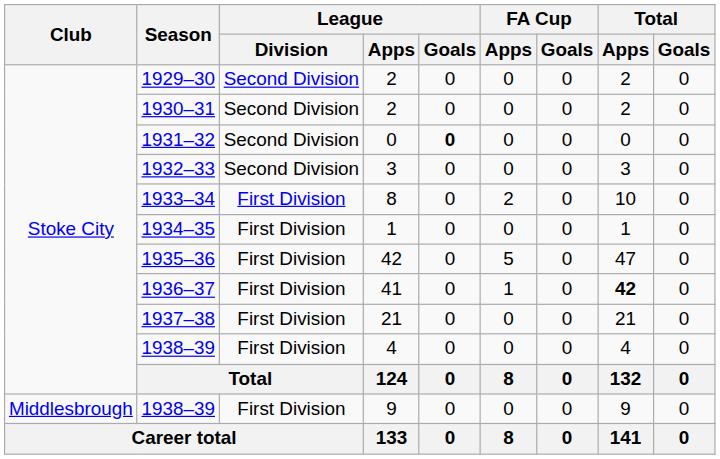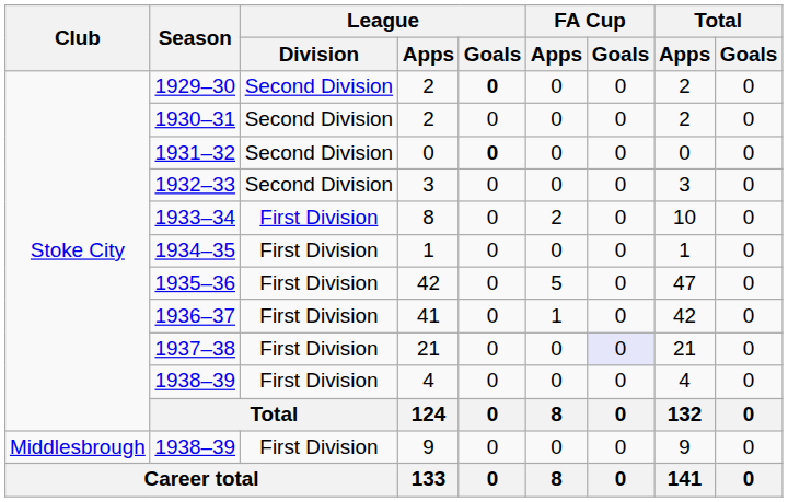 <table class="wikitable" style="text-align: center;">
 <tr>
 <th rowspan="2">Club</th>
 <th rowspan="2">Season</th>
 <th colspan="3">League</th>
 <th colspan="2">FA Cup</th>
 <th colspan="2">Total</th>
 </tr>
 <tr>
 <th>Division</th>
 <th>Apps</th>
 <th>Goals</th>
 <th>Apps</th>
 <th>Goals</th>
 <th>Apps</th>
 <th>Goals</th>
 </tr>
 <tr>
 <td rowspan="11"><a href='#'>Stoke City</a></td>
 <td><a href='#'>1929–30</a></td>
 <td><a href='#'>Second Division</a></td>
 <td>2</td>
-<td>0</td>
+<td><strong>0</strong></td>
 <td>0</td>
 <td>0</td>
 <td>2</td>
 <td>0</td>
 </tr>
 <tr>
 <td><a href='#'>1930–31</a></td>
 <td>Second Division</td>
 <td>2</td>
 <td>0</td>
 <td>0</td>
 <td>0</td>
 <td>2</td>
 <td>0</td>
 </tr>
 <tr>
 <td><a href='#'>1931–32</a></td>
 <td>Second Division</td>
 <td>0</td>
 <td><strong>0</strong></td>
 <td>0</td>
 <td>0</td>
 <td>0</td>
 <td>0</td>
 </tr>
 <tr>
 <td><a href='#'>1932–33</a></td>
 <td>Second Division</td>
 <td>3</td>
 <td>0</td>
 <td>0</td>
 <td>0</td>
 <td>3</td>
 <td>0</td>
 </tr>
 <tr>
 <td><a href='#'>1933–34</a></td>
 <td><a href='#'>First Division</a></td>
 <td>8</td>
 <td>0</td>
 <td>2</td>
 <td>0</td>
 <td>10</td>
 <td>0</td>
 </tr>
 <tr>
 <td><a href='#'>1934–35</a></td>
 <td>First Division</td>
 <td>1</td>
 <td>0</td>
 <td>0</td>
 <td>0</td>
 <td>1</td>
 <td>0</td>
 </tr>
 <tr>
 <td><a href='#'>1935–36</a></td>
 <td>First Division</td>
 <td>42</td>
 <td>0</td>
 <td>5</td>
 <td>0</td>
 <td>47</td>
 <td>0</td>
 </tr>
 <tr>
 <td><a href='#'>1936–37</a></td>
 <td>First Division</td>
 <td>41</td>
 <td>0</td>
 <td>1</td>
 <td>0</td>
-<td><strong>42</strong></td>
+<td>42</td>
 <td>0</td>
 </tr>
 <tr>
 <td><a href='#'>1937–38</a></td>
 <td>First Division</td>
 <td>21</td>
 <td>0</td>
 <td>0</td>
-<td>0</td>
+<td style="background: lavender;">0</td>
 <td>21</td>
 <td>0</td>
 </tr>
 <tr>
 <td><a href='#'>1938–39</a></td>
 <td>First Division</td>
 <td>4</td>
 <td>0</td>
 <td>0</td>
 <td>0</td>
 <td>4</td>
 <td>0</td>
 </tr>
 <tr>
 <th colspan=2>Total</th>
 <th>124</th>
 <th>0</th>
 <th>8</th>
 <th>0</th>
 <th>132</th>
 <th>0</th>
 </tr>
 <tr>
 <td><a href='#'>Middlesbrough</a></td>
 <td><a href='#'>1938–39</a></td>
 <td>First Division</td>
 <td>9</td>
 <td>0</td>
 <td>0</td>
 <td>0</td>
 <td>9</td>
 <td>0</td>
 </tr>
 <tr>
 <th colspan="3">Career total</th>
 <th>133</th>
 <th>0</th>
 <th>8</th>
 <th>0</th>
 <th>141</th>
 <th>0</th>
 </tr>
 </table>
